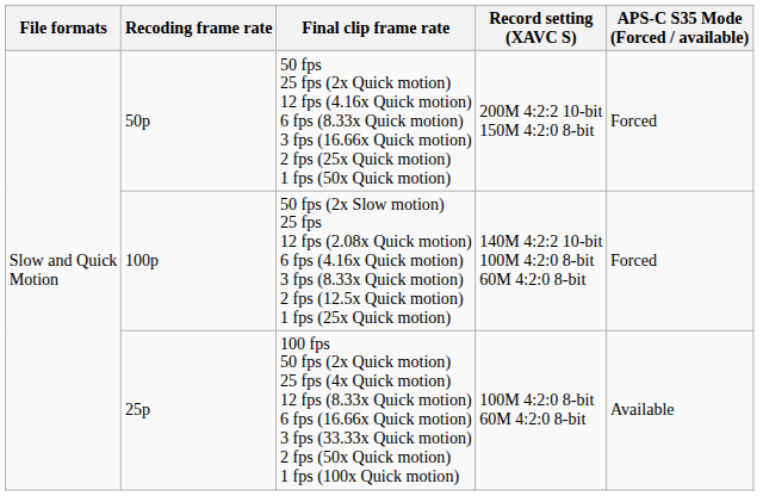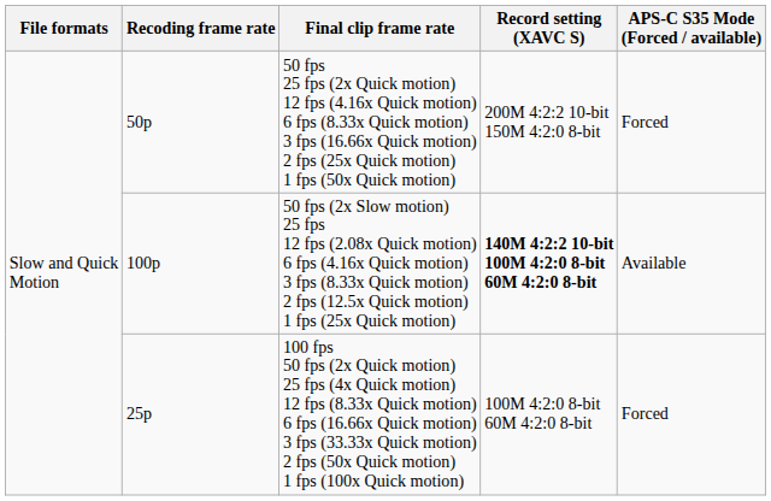 <table class="wikitable sortable">
 <tr>
 <th>File formats</th>
 <th>Recoding frame rate</th>
 <th>Final clip frame rate</th>
 <th>Record setting<br>(XAVC S)</th>
 <th>APS-C S35 Mode<br>(Forced / available)</th>
 </tr>
 <tr>
 <td rowspan="3">Slow and Quick<br>Motion</td>
 <td>50p</td>
 <td>50 fps<br>25 fps (2x Quick motion)<br>12 fps (4.16x Quick motion)<br>6 fps (8.33x Quick motion)<br>3 fps (16.66x Quick motion)<br>2 fps (25x Quick motion)<br>1 fps (50x Quick motion)</td>
 <td>200M 4:2:2 10-bit<br>150M 4:2:0 8-bit</td>
 <td>Forced</td>
 </tr>
 <tr>
 <td>100p</td>
 <td>50 fps (2x Slow motion)<br>25 fps<br>12 fps (2.08x Quick motion)<br>6 fps (4.16x Quick motion)<br>3 fps (8.33x Quick motion)<br>2 fps (12.5x Quick motion)<br>1 fps (25x Quick motion)</td>
-<td>140M 4:2:2 10-bit<br>100M 4:2:0 8-bit<br>60M 4:2:0 8-bit</td>
-<td>Forced</td>
+<td><strong>140M 4:2:2 10-bit<br>100M 4:2:0 8-bit<br>60M 4:2:0 8-bit</strong></td>
+<td>Available</td>
 </tr>
 <tr>
 <td>25p</td>
 <td>100 fps<br>50 fps (2x Quick motion)<br>25 fps (4x Quick motion)<br>12 fps (8.33x Quick motion)<br>6 fps (16.66x Quick motion)<br>3 fps (33.33x Quick motion)<br>2 fps (50x Quick motion)<br>1 fps (100x Quick motion)</td>
 <td>100M 4:2:0 8-bit<br>60M 4:2:0 8-bit</td>
-<td>Available</td>
+<td>Forced</td>
 </tr>
 </table>
